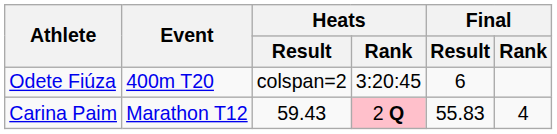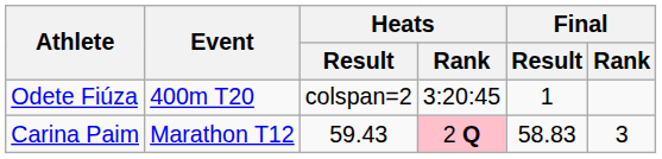 <table class=wikitable style="font-size:90%">
 <tr>
 <th rowspan="2">Athlete</th>
 <th rowspan="2">Event</th>
 <th colspan="2">Heats</th>
 <th colspan="2">Final</th>
 </tr>
 <tr>
 <th>Result</th>
 <th>Rank</th>
 <th>Result</th>
 <th>Rank</th>
 </tr>
 <tr align=center>
 <td align=left><a href='#'>Odete Fiúza</a></td>
 <td align=left><a href='#'>400m T20</a></td>
 <td>colspan=2 </td>
 <td>3:20:45</td>
-<td>6</td>
+<td>1</td>
 </tr>
 <tr align=center>
 <td align=left><a href='#'>Carina Paim</a></td>
 <td align=left><a href='#'>Marathon T12</a></td>
 <td>59.43</td>
 <td style="background: pink;">2 <strong>Q</strong></td>
-<td>55.83</td>
-<td>4</td>
+<td>58.83</td>
+<td>3</td>
 </tr>
 </table>
